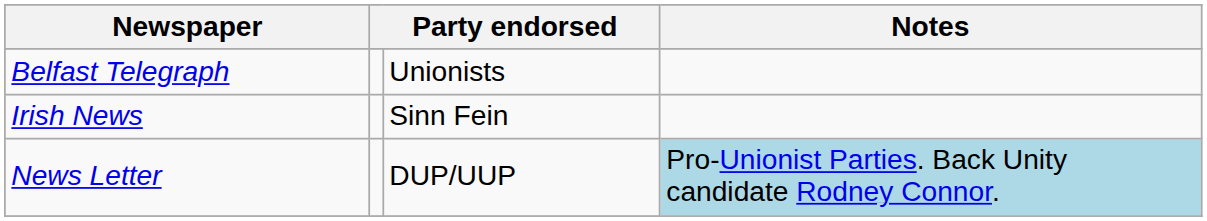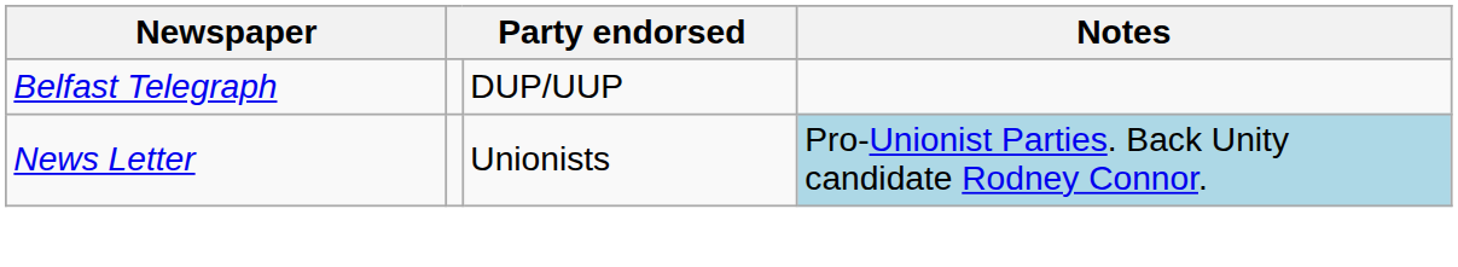 <table class="wikitable">
 <tr>
 <th width=200px>Newspaper</th>
 <th colspan=2>Party endorsed</th>
 <th width=300px>Notes</th>
 </tr>
 <tr>
 <td><em><a href='#'>Belfast Telegraph</a></em></td>
 <td style="background-color: "></td>
-<td>Unionists </td>
-</tr>
-<tr>
-<td><em><a href='#'>Irish News</a></em></td>
-<td style="background-color: "></td>
-<td>Sinn Fein</td>
-<td></td>
+<td width=150px>DUP/UUP</td>
 </tr>
 <tr>
 <td><em><a href='#'>News Letter</a></em></td>
 <td style="background-color: "></td>
-<td width=150px>DUP/UUP</td>
+<td>Unionists </td>
 <td style="background: lightblue;">Pro-<a href='#'>Unionist Parties</a>. Back Unity candidate <a href='#'>Rodney Connor</a>.</td>
 </tr>
 </table>
